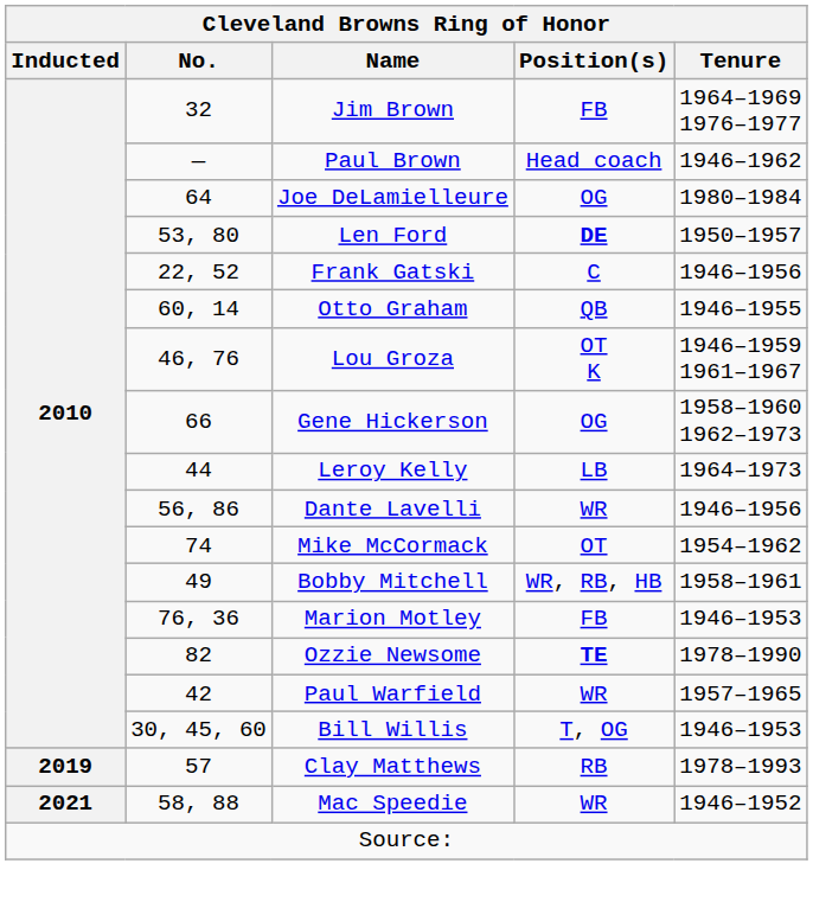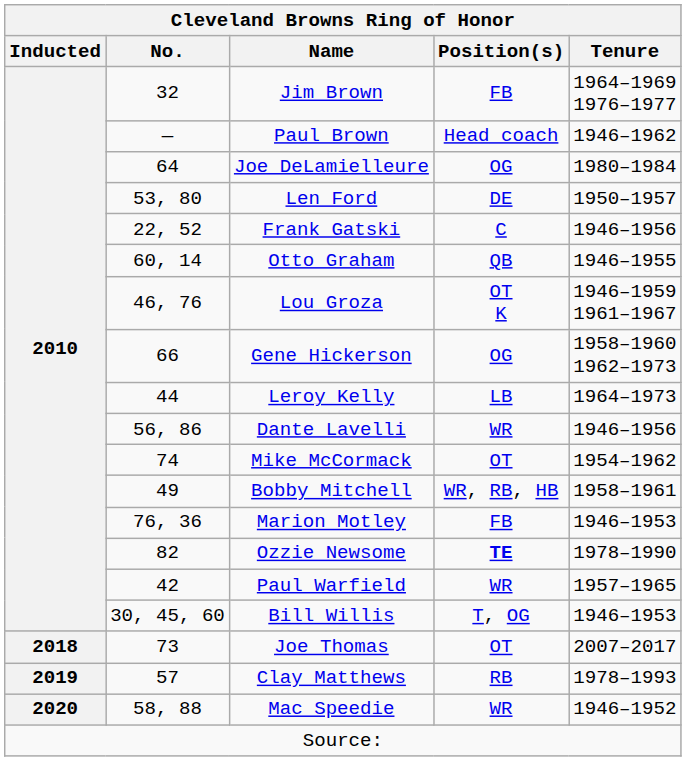 <table class="wikitable" style="text-align:center">
 <tr>
 <th colspan="5">Cleveland Browns Ring of Honor</th>
 </tr>
 <tr>
 <th>Inducted</th>
 <th>No.</th>
 <th>Name</th>
 <th>Position(s)</th>
 <th>Tenure</th>
 </tr>
 <tr>
 <th style="text-align:center;" rowspan=16>2010</th>
 <td style="text-align:center;">32</td>
 <td style="text-align:center;" style="background:#ffb"><a href='#'>Jim Brown</a></td>
 <td style="text-align:center;"><a href='#'>FB</a></td>
 <td style="text-align:center;">1964–1969<br>1976–1977</td>
 </tr>
 <tr>
 <td style="text-align:center;">—</td>
 <td style="text-align:center;" style="background:#ffb"><a href='#'>Paul Brown</a></td>
 <td style="text-align:center;"><a href='#'>Head coach</a></td>
 <td style="text-align:center;">1946–1962</td>
 </tr>
 <tr>
 <td style="text-align:center;">64</td>
 <td style="text-align:center;" style="background:#ffb"><a href='#'>Joe DeLamielleure</a></td>
 <td style="text-align:center;"><a href='#'>OG</a></td>
 <td style="text-align:center;">1980–1984</td>
 </tr>
 <tr>
 <td style="text-align:center;">53, 80</td>
 <td style="text-align:center;" style="background:#ffb"><a href='#'>Len Ford</a></td>
-<td style="text-align:center;"><strong><a href='#'>DE</a></strong></td>
+<td style="text-align:center;"><a href='#'>DE</a></td>
 <td style="text-align:center;">1950–1957</td>
 </tr>
 <tr>
 <td style="text-align:center;">22, 52</td>
 <td style="text-align:center;" style="background:#ffb"><a href='#'>Frank Gatski</a></td>
 <td style="text-align:center;"><a href='#'>C</a></td>
 <td style="text-align:center;">1946–1956</td>
 </tr>
 <tr>
 <td style="text-align:center;">60, 14</td>
 <td style="text-align:center;" style="background:#ffb"><a href='#'>Otto Graham</a></td>
 <td style="text-align:center;"><a href='#'>QB</a></td>
 <td style="text-align:center;">1946–1955</td>
 </tr>
 <tr>
 <td style="text-align:center;">46, 76</td>
 <td style="text-align:center;" style="background:#ffb"><a href='#'>Lou Groza</a></td>
 <td style="text-align:center;"><a href='#'>OT</a><br><a href='#'>K</a></td>
 <td style="text-align:center;">1946–1959<br>1961–1967</td>
 </tr>
 <tr>
 <td style="text-align:center;">66</td>
 <td style="text-align:center;" style="background:#ffb"><a href='#'>Gene Hickerson</a></td>
 <td style="text-align:center;"><a href='#'>OG</a></td>
 <td style="text-align:center;">1958–1960<br>1962–1973</td>
 </tr>
 <tr>
 <td style="text-align:center;">44</td>
 <td style="text-align:center;" style="background:#ffb"><a href='#'>Leroy Kelly</a></td>
 <td style="text-align:center;"><a href='#'>LB</a></td>
 <td style="text-align:center;">1964–1973</td>
 </tr>
 <tr>
 <td style="text-align:center;">56, 86</td>
 <td style="text-align:center;" style="background:#ffb"><a href='#'>Dante Lavelli</a></td>
 <td style="text-align:center;"><a href='#'>WR</a></td>
 <td style="text-align:center;">1946–1956</td>
 </tr>
 <tr>
 <td style="text-align:center;">74</td>
 <td style="text-align:center;" style="background:#ffb"><a href='#'>Mike McCormack</a></td>
 <td style="text-align:center;"><a href='#'>OT</a></td>
 <td style="text-align:center;">1954–1962</td>
 </tr>
 <tr>
 <td style="text-align:center;">49</td>
 <td style="text-align:center;" style="background:#ffb"><a href='#'>Bobby Mitchell</a></td>
 <td style="text-align:center;"><a href='#'>WR</a>, <a href='#'>RB</a>, <a href='#'>HB</a></td>
 <td style="text-align:center;">1958–1961</td>
 </tr>
 <tr>
 <td style="text-align:center;">76, 36</td>
 <td style="text-align:center;" style="background:#ffb"><a href='#'>Marion Motley</a></td>
 <td style="text-align:center;"><a href='#'>FB</a></td>
 <td style="text-align:center;">1946–1953</td>
 </tr>
 <tr>
 <td style="text-align:center;">82</td>
 <td style="text-align:center;" style="background:#ffb"><a href='#'>Ozzie Newsome</a></td>
 <td style="text-align:center;"><strong><a href='#'>TE</a></strong></td>
 <td style="text-align:center;">1978–1990</td>
 </tr>
 <tr>
 <td style="text-align:center;">42</td>
 <td style="text-align:center;" style="background:#ffb"><a href='#'>Paul Warfield</a></td>
 <td style="text-align:center;"><a href='#'>WR</a></td>
 <td style="text-align:center;">1957–1965</td>
 </tr>
 <tr>
 <td style="text-align:center;">30, 45, 60</td>
 <td style="text-align:center;" style="background:#ffb"><a href='#'>Bill Willis</a></td>
 <td style="text-align:center;"><a href='#'>T</a>, <a href='#'>OG</a></td>
 <td style="text-align:center;">1946–1953</td>
 </tr>
 <tr>
+<th style="text-align:center;">2018</th>
+<td style="text-align:center;">73</td>
+<td style="text-align:center;" style="background:#ffb"><a href='#'>Joe Thomas</a></td>
+<td style="text-align:center;"><a href='#'>OT</a></td>
+<td style="text-align:center;">2007–2017</td>
+</tr>
+<tr>
 <th style="text-align:center;">2019</th>
 <td style="text-align:center;">57</td>
 <td style="text-align:center;"><a href='#'>Clay Matthews</a></td>
 <td style="text-align:center;"><a href='#'>RB</a></td>
 <td style="text-align:center;">1978–1993</td>
 </tr>
 <tr>
-<th style="text-align:center;">2021</th>
+<th style="text-align:center;">2020</th>
 <td style="text-align:center;">58, 88</td>
 <td style="text-align:center;" style="background:#ffb"><a href='#'>Mac Speedie</a></td>
 <td style="text-align:center;"><a href='#'>WR</a></td>
 <td style="text-align:center;">1946–1952</td>
 </tr>
 <tr>
 <td colspan=5>Source:</td>
 </tr>
 </table>
